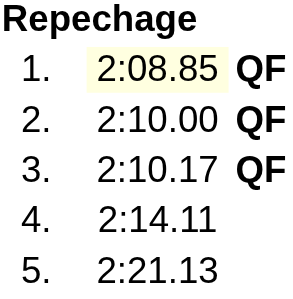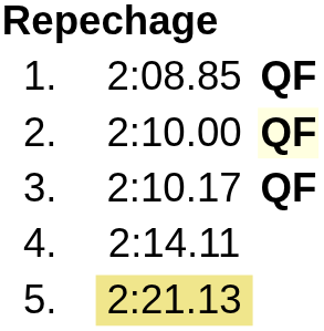 <table style="text-align:center">
 <tr>
 <td colspan=4 align=left><strong>Repechage</strong></td>
 </tr>
 <tr>
 <td width=30>1.</td>
 <td align=left></td>
-<td width=60 style="background: lightyellow;">2:08.85</td>
+<td width=60>2:08.85</td>
 <td><strong>QF</strong></td>
 </tr>
 <tr>
 <td>2.</td>
 <td align=left></td>
 <td>2:10.00</td>
-<td><strong>QF</strong></td>
+<td style="background: lightyellow;"><strong>QF</strong></td>
 </tr>
 <tr>
 <td>3.</td>
 <td align=left></td>
 <td>2:10.17</td>
 <td><strong>QF</strong></td>
 </tr>
 <tr>
 <td>4.</td>
 <td align=left></td>
 <td>2:14.11</td>
 <td></td>
 </tr>
 <tr>
 <td>5.</td>
 <td align=left></td>
-<td>2:21.13</td>
+<td style="background: khaki;">2:21.13</td>
 <td></td>
 </tr>
 </table>
